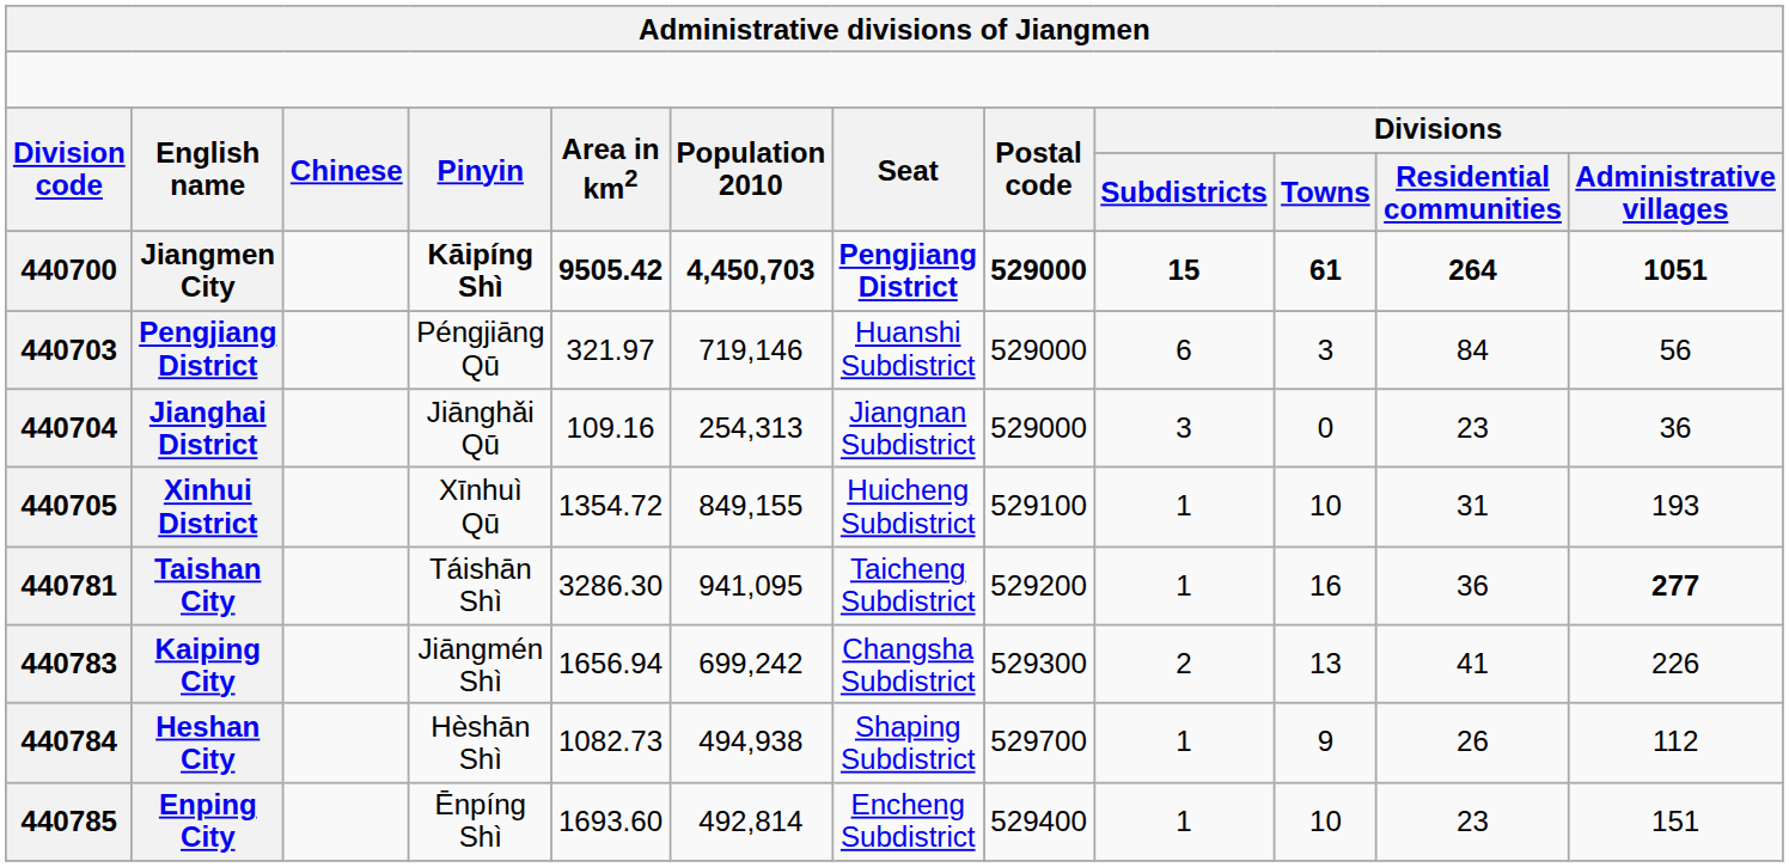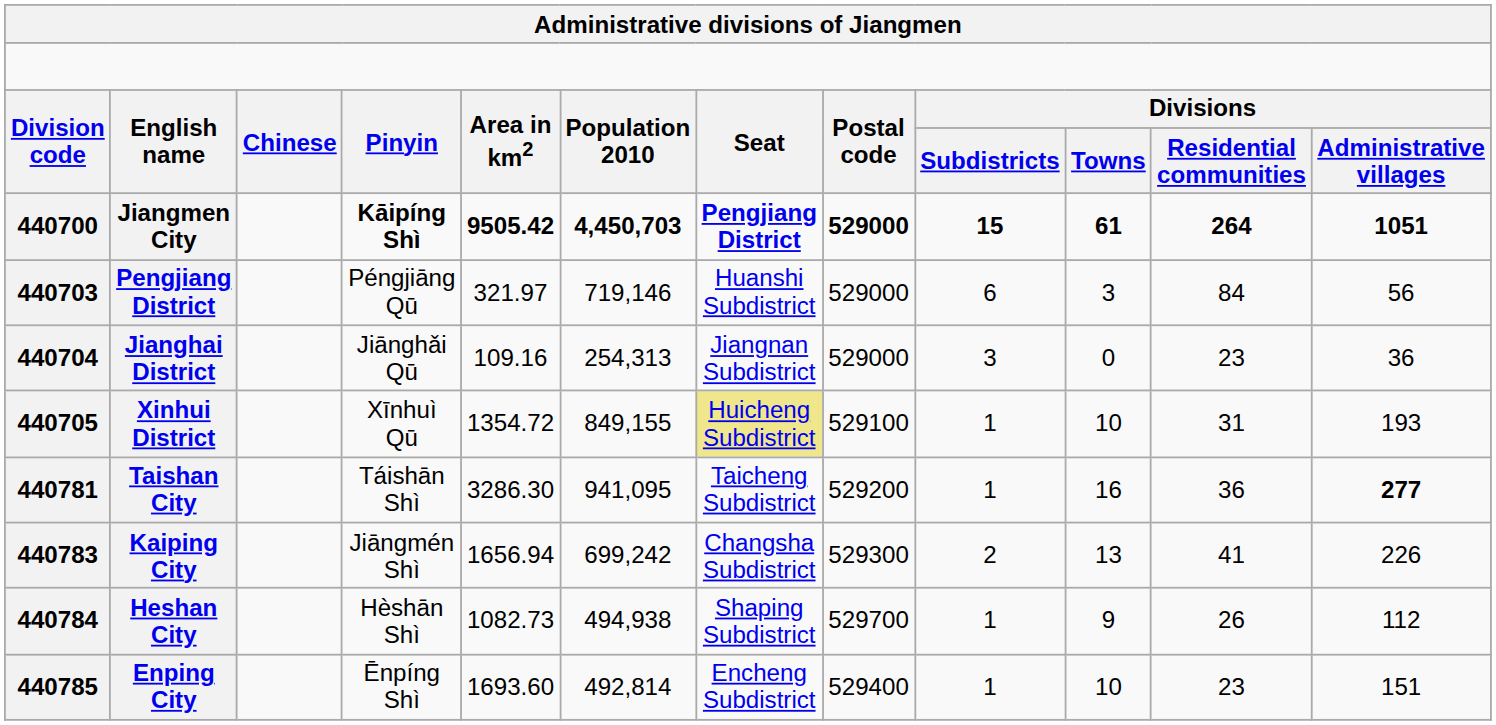 <table class="wikitable" style="margin:1em auto 1em auto; width:50%; font-size:smaller; text-align:center">
 <tr>
 <th colspan="12"><strong>Administrative divisions of Jiangmen</strong></th>
 </tr>
 <tr>
 <td colspan="12" style="font-size:larger"><div><br>          </div></td>
 </tr>
 <tr>
 <th ! scope="col" rowspan=2><a href='#'>Division code</a></th>
 <th ! scope="col" rowspan=2>English name</th>
 <th ! scope="col" rowspan=2><a href='#'>Chinese</a></th>
 <th ! scope="col" rowspan=2><a href='#'>Pinyin</a></th>
 <th ! scope="col" rowspan=2>Area in km<sup>2</sup></th>
 <th ! scope="col" rowspan=2>Population 2010</th>
 <th ! scope="col" rowspan=2>Seat</th>
 <th ! scope="col" rowspan=2>Postal code</th>
 <th ! scope="col" colspan=5>Divisions</th>
 </tr>
 <tr>
 <th ! scope="col" width="45"><a href='#'>Subdistricts</a></th>
 <th ! scope="col" width="45"><a href='#'>Towns</a></th>
 <th ! scope="col" width="45"><a href='#'>Residential communities</a></th>
 <th ! scope="col" width="45"><a href='#'>Administrative villages</a></th>
 </tr>
 <tr style="font-weight: bold">
 <th>440700</th>
 <th>Jiangmen City</th>
 <td></td>
 <td>Kāipíng Shì</td>
 <td>9505.42</td>
 <td>4,450,703</td>
 <td><a href='#'>Pengjiang District</a></td>
 <td>529000</td>
 <td>15</td>
 <td>61</td>
 <td>264</td>
 <td>1051</td>
 </tr>
 <tr>
 <th>440703</th>
 <th><a href='#'>Pengjiang District</a></th>
 <td></td>
 <td>Péngjiāng Qū</td>
 <td>321.97</td>
 <td>719,146</td>
 <td><a href='#'>Huanshi Subdistrict</a></td>
 <td>529000</td>
 <td>6</td>
 <td>3</td>
 <td>84</td>
 <td>56</td>
 </tr>
 <tr>
 <th>440704</th>
 <th><a href='#'>Jianghai District</a></th>
 <td></td>
 <td>Jiānghǎi Qū</td>
 <td>109.16</td>
 <td>254,313</td>
 <td><a href='#'>Jiangnan Subdistrict</a></td>
 <td>529000</td>
 <td>3</td>
 <td>0</td>
 <td>23</td>
 <td>36</td>
 </tr>
 <tr>
 <th>440705</th>
 <th><a href='#'>Xinhui District</a></th>
 <td></td>
 <td>Xīnhuì Qū</td>
 <td>1354.72</td>
 <td>849,155</td>
-<td><a href='#'>Huicheng Subdistrict</a></td>
+<td style="background: khaki;"><a href='#'>Huicheng Subdistrict</a></td>
 <td>529100</td>
 <td>1</td>
 <td>10</td>
 <td>31</td>
 <td>193</td>
 </tr>
 <tr>
 <th>440781</th>
 <th><a href='#'>Taishan City</a></th>
 <td></td>
 <td>Táishān Shì</td>
 <td>3286.30</td>
 <td>941,095</td>
 <td><a href='#'>Taicheng Subdistrict</a></td>
 <td>529200</td>
 <td>1</td>
 <td>16</td>
 <td>36</td>
 <td><strong>277</strong></td>
 </tr>
 <tr>
 <th>440783</th>
 <th><a href='#'>Kaiping City</a></th>
 <td></td>
 <td>Jiāngmén Shì</td>
 <td>1656.94</td>
 <td>699,242</td>
 <td><a href='#'>Changsha Subdistrict</a></td>
 <td>529300</td>
 <td>2</td>
 <td>13</td>
 <td>41</td>
 <td>226</td>
 </tr>
 <tr>
 <th>440784</th>
 <th><a href='#'>Heshan City</a></th>
 <td></td>
 <td>Hèshān Shì</td>
 <td>1082.73</td>
 <td>494,938</td>
 <td><a href='#'>Shaping Subdistrict</a></td>
 <td>529700</td>
 <td>1</td>
 <td>9</td>
 <td>26</td>
 <td>112</td>
 </tr>
 <tr>
 <th>440785</th>
 <th><a href='#'>Enping City</a></th>
 <td></td>
 <td>Ēnpíng Shì</td>
 <td>1693.60</td>
 <td>492,814</td>
 <td><a href='#'>Encheng Subdistrict</a></td>
 <td>529400</td>
 <td>1</td>
 <td>10</td>
 <td>23</td>
 <td>151</td>
 </tr>
 </table>
